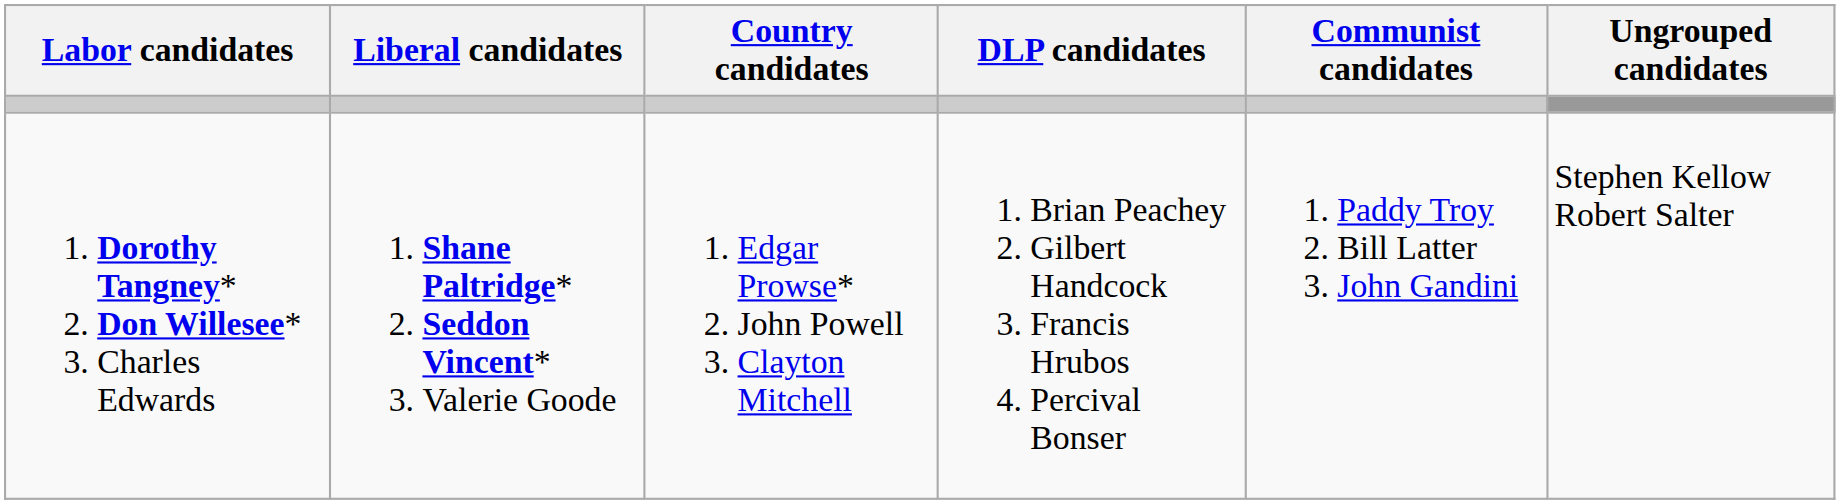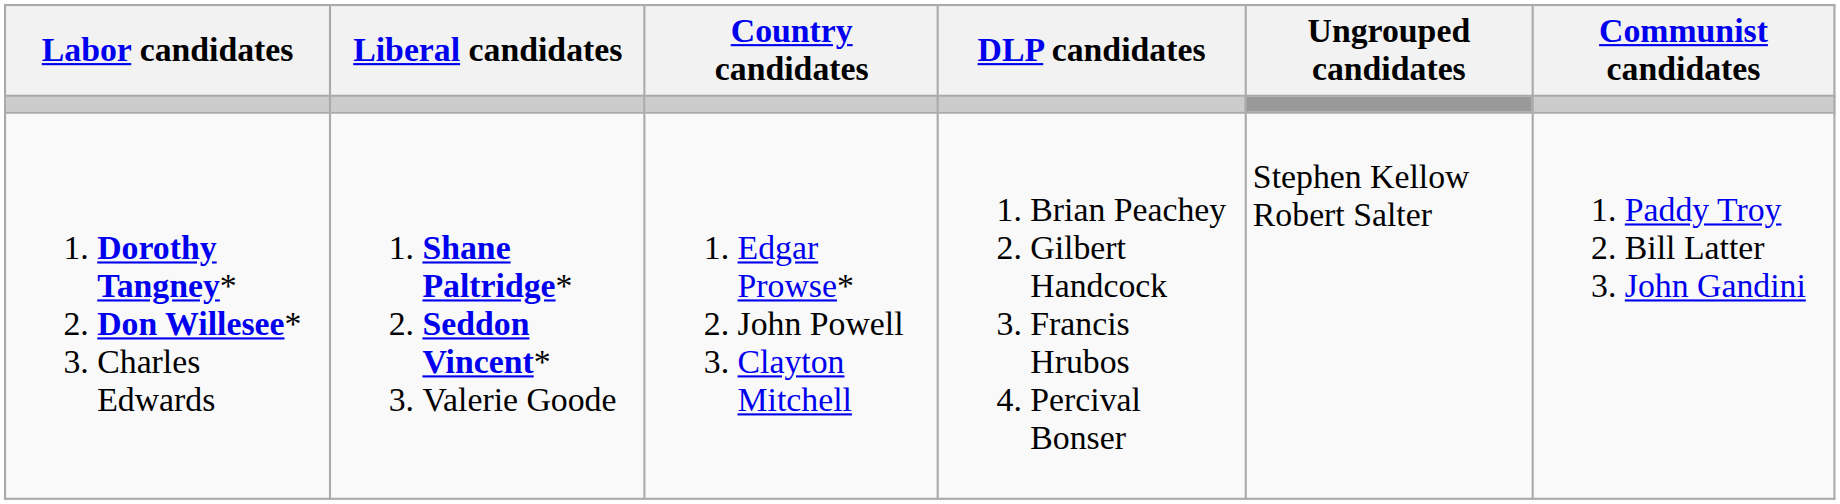 <table class="wikitable">
 <tr>
 <th><a href='#'>Labor</a> candidates</th>
 <th><a href='#'>Liberal</a> candidates</th>
 <th><a href='#'>Country</a> candidates</th>
 <th><a href='#'>DLP</a> candidates</th>
+<th>Ungrouped candidates</th>
 <th><a href='#'>Communist</a> candidates</th>
-<th>Ungrouped candidates</th>
 </tr>
 <tr bgcolor="#cccccc">
 <td></td>
 <td></td>
 <td></td>
 <td></td>
+<td bgcolor="#999999"></td>
 <td></td>
-<td bgcolor="#999999"></td>
 </tr>
 <tr>
 <td><br><ol><li><strong><a href='#'>Dorothy Tangney</a></strong>*</li><li><strong><a href='#'>Don Willesee</a></strong>*</li><li>Charles Edwards</li></ol></td>
 <td><br><ol><li><strong><a href='#'>Shane Paltridge</a></strong>*</li><li><strong><a href='#'>Seddon Vincent</a></strong>*</li><li>Valerie Goode</li></ol></td>
 <td><br><ol><li><a href='#'>Edgar Prowse</a>*</li><li>John Powell</li><li><a href='#'>Clayton Mitchell</a></li></ol></td>
 <td valign=top><br><ol><li>Brian Peachey</li><li>Gilbert Handcock</li><li>Francis Hrubos</li><li>Percival Bonser</li></ol></td>
+<td valign=top><br>Stephen Kellow<br> Robert Salter</td>
 <td valign=top><br><ol><li><a href='#'>Paddy Troy</a></li><li>Bill Latter</li><li><a href='#'>John Gandini</a></li></ol></td>
-<td valign=top><br>Stephen Kellow<br> Robert Salter</td>
 </tr>
 </table>
